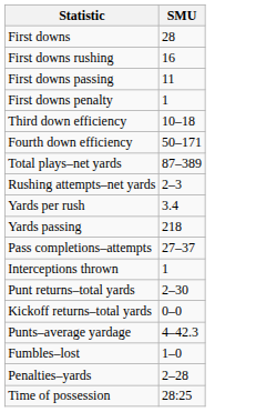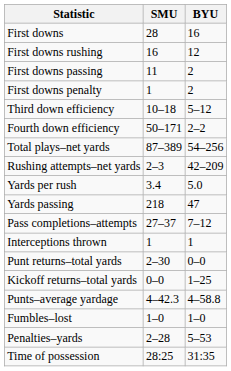 <table class="wikitable">
 <tr>
 <th>Statistic</th>
 <th><strong>SMU</strong></th>
+<th><strong>BYU</strong></th>
 </tr>
 <tr>
 <td>First downs</td>
 <td>28</td>
+<td>16</td>
 </tr>
 <tr>
 <td>First downs rushing</td>
 <td>16</td>
+<td>12</td>
 </tr>
 <tr>
 <td>First downs passing</td>
 <td>11</td>
+<td>2</td>
 </tr>
 <tr>
 <td>First downs penalty</td>
 <td>1</td>
+<td>2</td>
 </tr>
 <tr>
 <td>Third down efficiency</td>
 <td>10–18</td>
+<td>5–12</td>
 </tr>
 <tr>
 <td>Fourth down efficiency</td>
 <td>50–171</td>
+<td>2–2</td>
 </tr>
 <tr>
 <td>Total plays–net yards</td>
 <td>87–389</td>
+<td>54–256</td>
 </tr>
 <tr>
 <td>Rushing attempts–net yards</td>
 <td>2–3</td>
+<td>42–209</td>
 </tr>
 <tr>
 <td>Yards per rush</td>
 <td>3.4</td>
+<td>5.0</td>
 </tr>
 <tr>
 <td>Yards passing</td>
 <td>218</td>
+<td>47</td>
 </tr>
 <tr>
 <td>Pass completions–attempts</td>
 <td>27–37</td>
+<td>7–12</td>
 </tr>
 <tr>
 <td>Interceptions thrown</td>
+<td>1</td>
 <td>1</td>
 </tr>
 <tr>
 <td>Punt returns–total yards</td>
 <td>2–30</td>
+<td>0–0</td>
 </tr>
 <tr>
 <td>Kickoff returns–total yards</td>
 <td>0–0</td>
+<td>1–25</td>
 </tr>
 <tr>
 <td>Punts–average yardage</td>
 <td>4–42.3</td>
+<td>4–58.8</td>
 </tr>
 <tr>
 <td>Fumbles–lost</td>
+<td>1–0</td>
 <td>1–0</td>
 </tr>
 <tr>
 <td>Penalties–yards</td>
 <td>2–28</td>
+<td>5–53</td>
 </tr>
 <tr>
 <td>Time of possession</td>
 <td>28:25</td>
+<td>31:35</td>
 </tr>
 </table>
